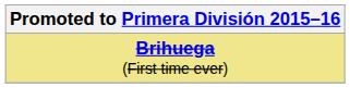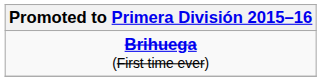 <table class="wikitable" style="text-align: center; margin: 0 auto;">
 <tr>
 <th colspan="2">Promoted to <a href='#'>Primera División 2015–16</a></th>
 </tr>
 <tr>
-<td style="background: khaki;"><strong><a href='#'><s>Brihuega</s></a></strong><br><small>(<s>First time ever</s>)</small></td>
+<td><strong><a href='#'><s>Brihuega</s></a></strong><br><small>(<s>First time ever</s>)</small></td>
 </tr>
 <tr>
 </tr>
 </table>
